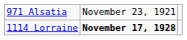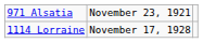 <table class="wikitable" style="font-size: 0.9em;">
 <tr>
 <td><a href='#'>971 Alsatia</a></td>
 <td>November 23, 1921</td>
 <td></td>
 </tr>
 <tr>
 <td><a href='#'>1114 Lorraine</a></td>
-<td><strong>November 17, 1928</strong></td>
+<td>November 17, 1928</td>
 <td></td>
 </tr>
 </table>
